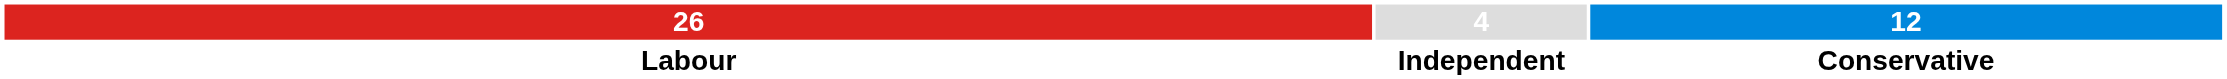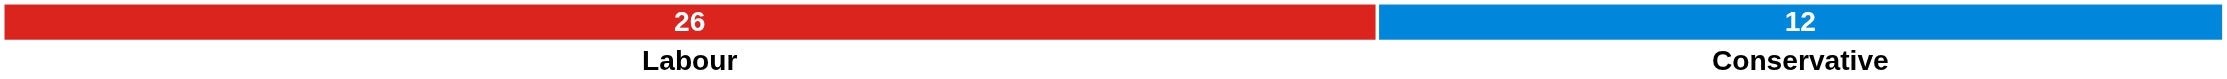 <table style="width:100%; text-align:center;">
 <tr style="color:white;">
 <td style="background:#dc241f; width:61.9%"><strong>26</strong></td>
-<td style="background:#dddddd; width:9.5%"><strong>4</strong></td>
 <td style="background:#0087dc; width:28.6;"><strong>12</strong></td>
 </tr>
 <tr>
 <td><span><strong>Labour</strong></span></td>
-<td><span><strong>Independent</strong></span></td>
 <td><span><strong>Conservative</strong></span></td>
 </tr>
 </table>
